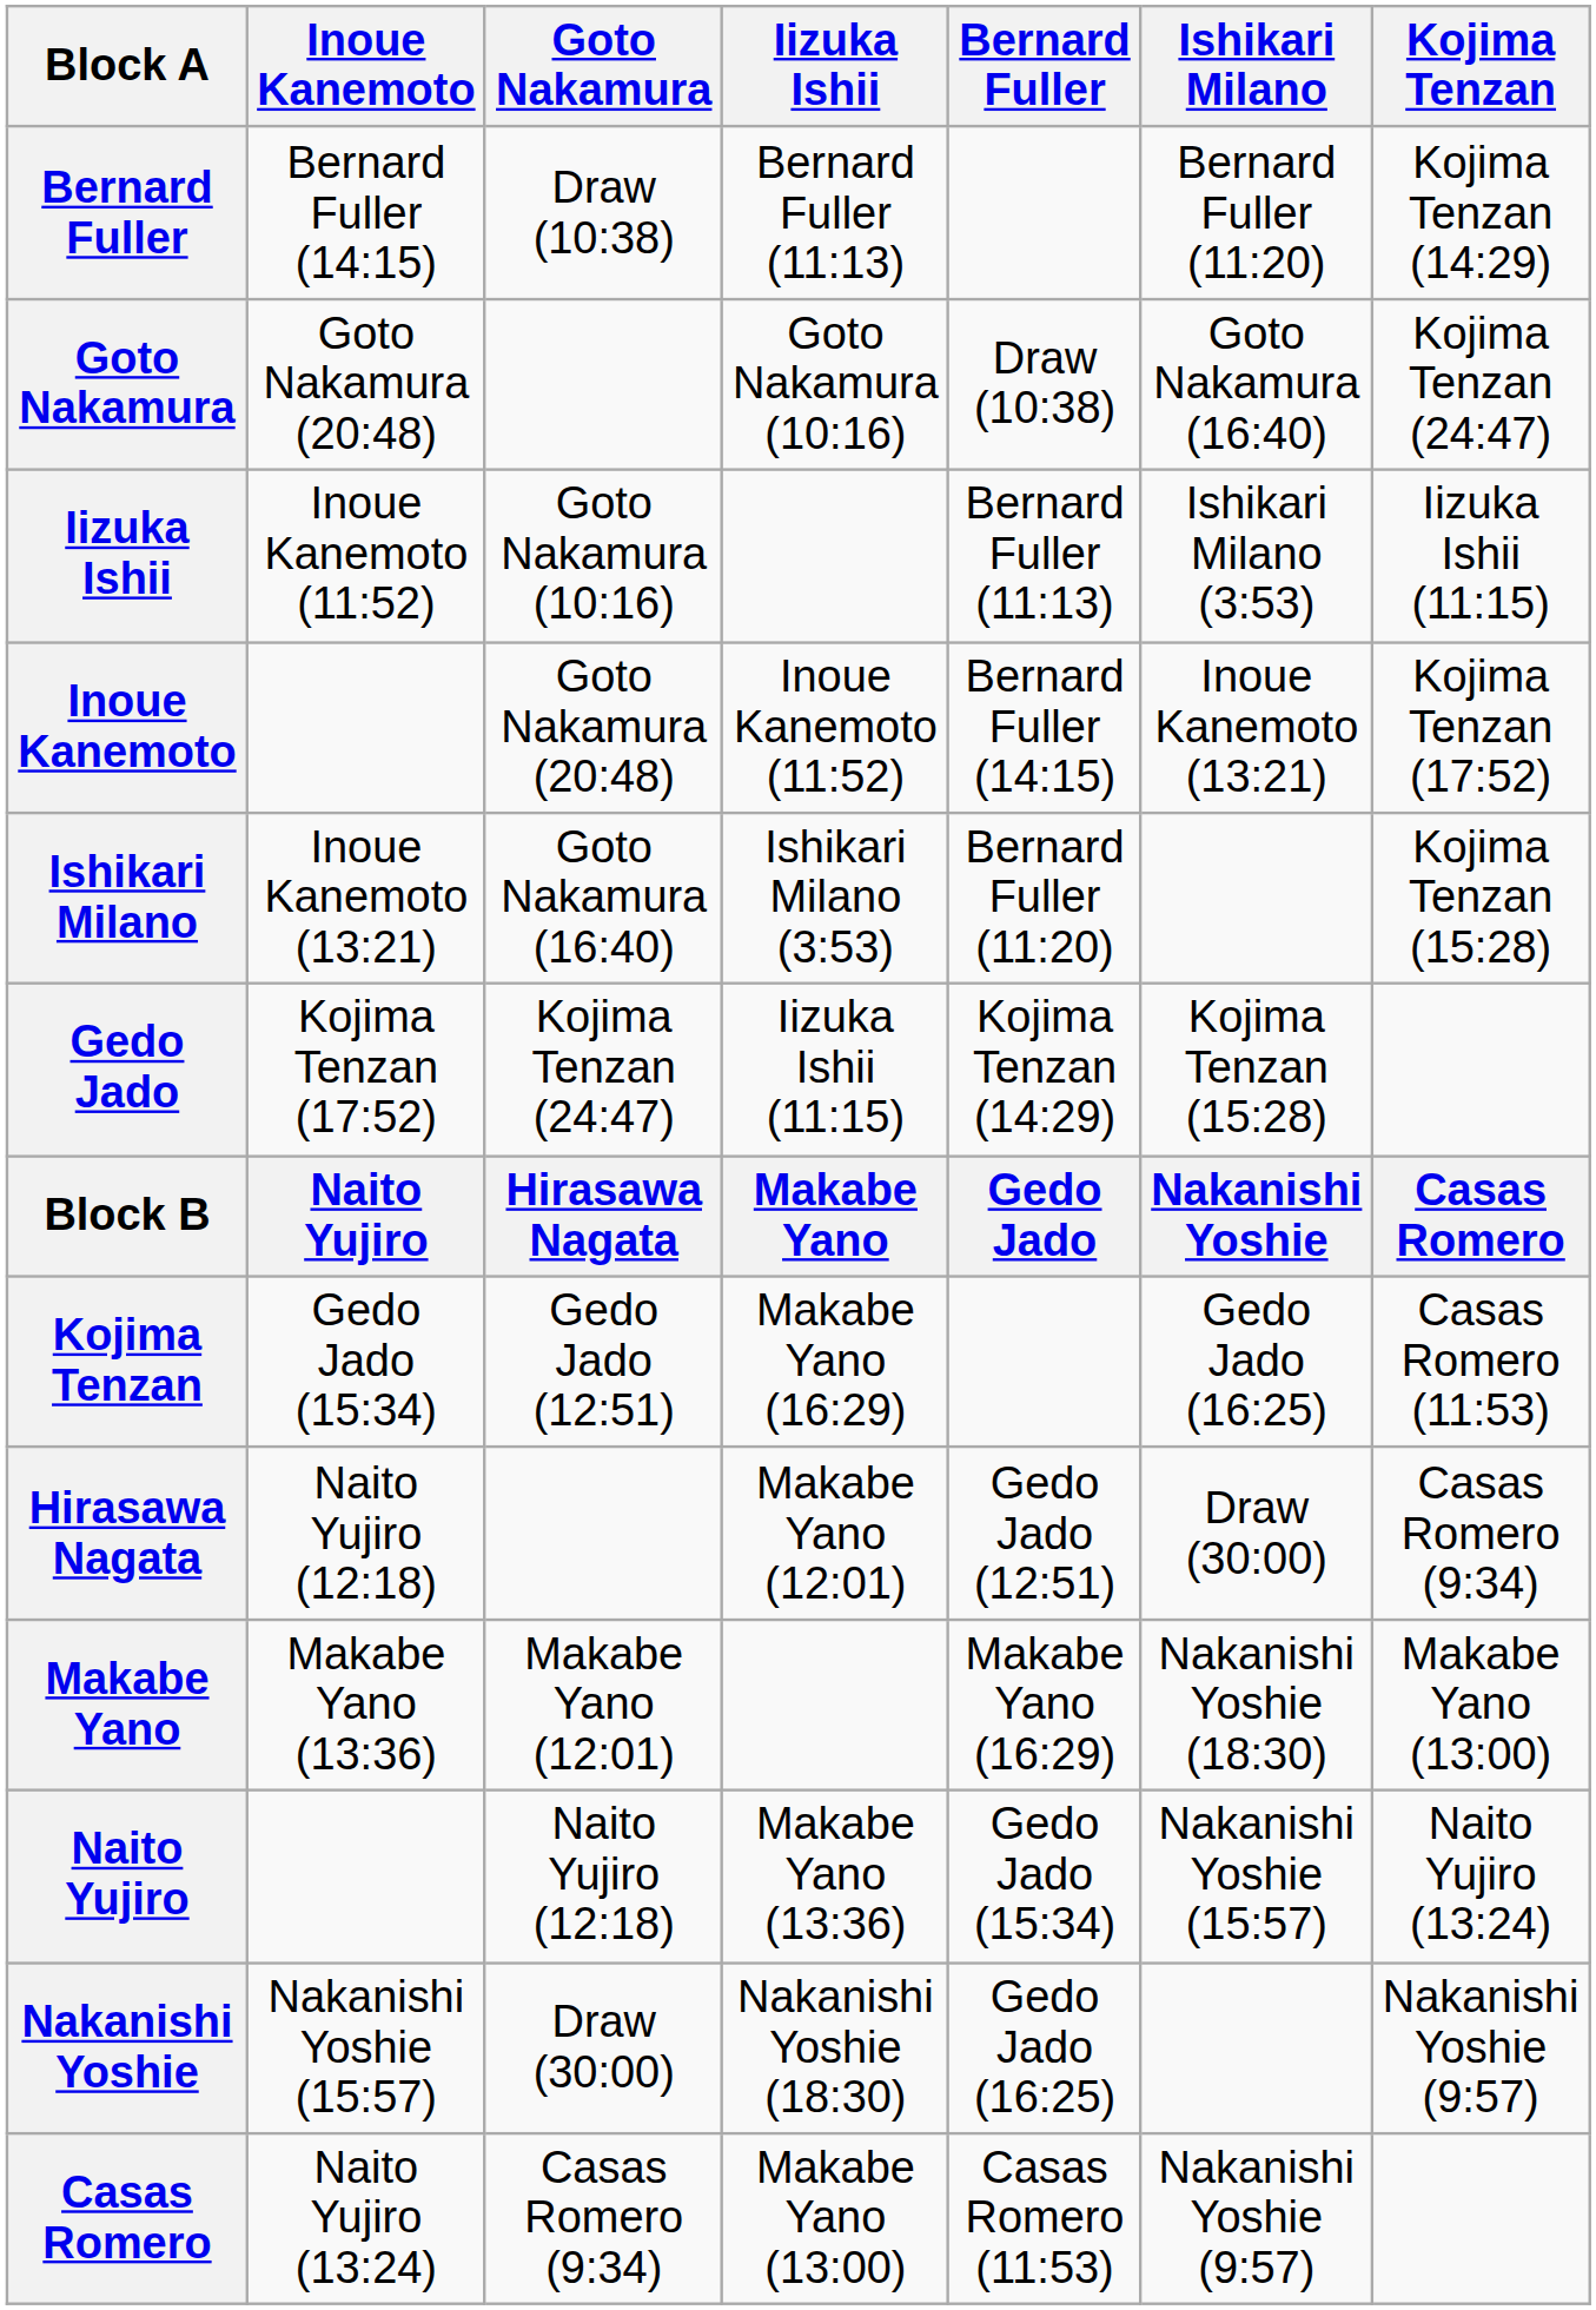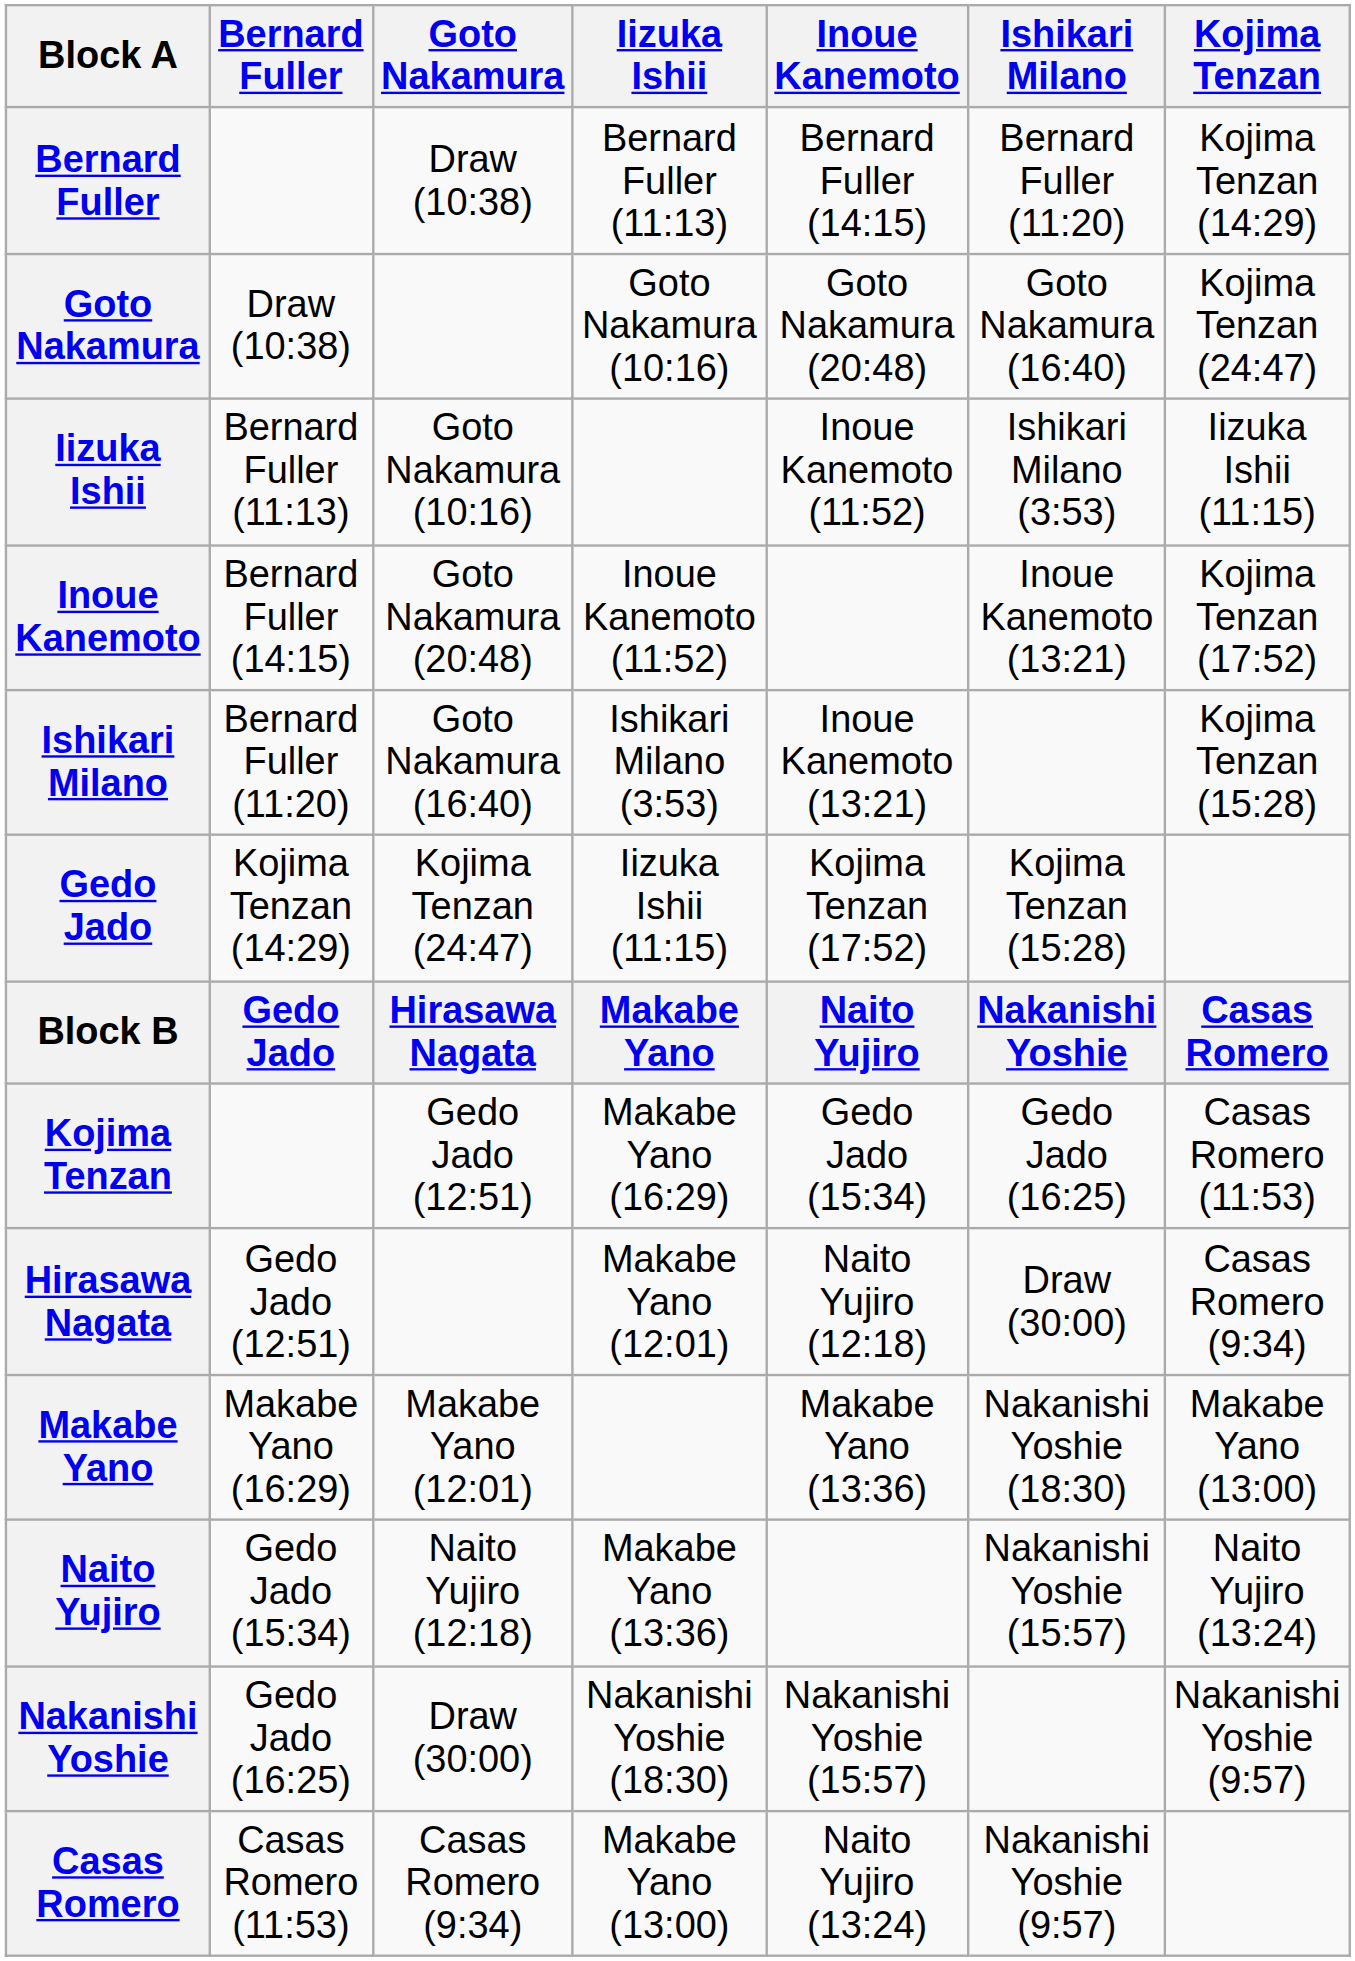 <table class="wikitable" style="text-align:center; margin: 1em auto 1em auto">
 <tr align="center">
 <th>Block A</th>
-<th><a href='#'>Inoue</a><br><a href='#'>Kanemoto</a></th>
+<th><a href='#'>Bernard</a><br><a href='#'>Fuller</a></th>
 <th><a href='#'>Goto</a><br><a href='#'>Nakamura</a></th>
 <th><a href='#'>Iizuka</a><br><a href='#'>Ishii</a></th>
-<th><a href='#'>Bernard</a><br><a href='#'>Fuller</a></th>
+<th><a href='#'>Inoue</a><br><a href='#'>Kanemoto</a></th>
 <th><a href='#'>Ishikari</a><br><a href='#'>Milano</a></th>
 <th><a href='#'>Kojima</a><br><a href='#'>Tenzan</a></th>
 </tr>
 <tr align="center">
 <th><a href='#'>Bernard</a><br><a href='#'>Fuller</a></th>
-<td>Bernard<br>Fuller<br>(14:15)</td>
+<td></td>
 <td>Draw<br>(10:38)</td>
 <td>Bernard<br>Fuller<br>(11:13)</td>
-<td></td>
+<td>Bernard<br>Fuller<br>(14:15)</td>
 <td>Bernard<br>Fuller<br>(11:20)</td>
 <td>Kojima<br>Tenzan<br>(14:29)</td>
 </tr>
 <tr align="center">
 <th><a href='#'>Goto</a><br><a href='#'>Nakamura</a></th>
-<td>Goto<br>Nakamura<br>(20:48)</td>
+<td>Draw<br>(10:38)</td>
 <td></td>
 <td>Goto<br>Nakamura<br>(10:16)</td>
-<td>Draw<br>(10:38)</td>
+<td>Goto<br>Nakamura<br>(20:48)</td>
 <td>Goto<br>Nakamura<br>(16:40)</td>
 <td>Kojima<br>Tenzan<br>(24:47)</td>
 </tr>
 <tr align="center">
 <th><a href='#'>Iizuka</a><br><a href='#'>Ishii</a></th>
-<td>Inoue<br>Kanemoto<br>(11:52)</td>
+<td>Bernard<br>Fuller<br>(11:13)</td>
 <td>Goto<br>Nakamura<br>(10:16)</td>
 <td></td>
-<td>Bernard<br>Fuller<br>(11:13)</td>
+<td>Inoue<br>Kanemoto<br>(11:52)</td>
 <td>Ishikari<br>Milano<br>(3:53)</td>
 <td>Iizuka<br>Ishii<br>(11:15)</td>
 </tr>
 <tr align="center">
 <th><a href='#'>Inoue</a><br><a href='#'>Kanemoto</a></th>
-<td></td>
+<td>Bernard<br>Fuller<br>(14:15)</td>
 <td>Goto<br>Nakamura<br>(20:48)</td>
 <td>Inoue<br>Kanemoto<br>(11:52)</td>
-<td>Bernard<br>Fuller<br>(14:15)</td>
+<td></td>
 <td>Inoue<br>Kanemoto<br>(13:21)</td>
 <td>Kojima<br>Tenzan<br>(17:52)</td>
 </tr>
 <tr align="center">
 <th><a href='#'>Ishikari</a><br><a href='#'>Milano</a></th>
-<td>Inoue<br>Kanemoto<br>(13:21)</td>
+<td>Bernard<br>Fuller<br>(11:20)</td>
 <td>Goto<br>Nakamura<br>(16:40)</td>
 <td>Ishikari<br>Milano<br>(3:53)</td>
-<td>Bernard<br>Fuller<br>(11:20)</td>
+<td>Inoue<br>Kanemoto<br>(13:21)</td>
 <td></td>
 <td>Kojima<br>Tenzan<br>(15:28)</td>
 </tr>
 <tr align="center">
 <th><a href='#'>Gedo</a><br><a href='#'>Jado</a></th>
-<td>Kojima<br>Tenzan<br>(17:52)</td>
+<td>Kojima<br>Tenzan<br>(14:29)</td>
 <td>Kojima<br>Tenzan<br>(24:47)</td>
 <td>Iizuka<br>Ishii<br>(11:15)</td>
-<td>Kojima<br>Tenzan<br>(14:29)</td>
+<td>Kojima<br>Tenzan<br>(17:52)</td>
 <td>Kojima<br>Tenzan<br>(15:28)</td>
 <td></td>
 </tr>
 <tr align="center">
 <th>Block B</th>
-<th><a href='#'>Naito</a><br><a href='#'>Yujiro</a></th>
+<th><a href='#'>Gedo</a><br><a href='#'>Jado</a></th>
 <th><a href='#'>Hirasawa</a><br><a href='#'>Nagata</a></th>
 <th><a href='#'>Makabe</a><br><a href='#'>Yano</a></th>
-<th><a href='#'>Gedo</a><br><a href='#'>Jado</a></th>
+<th><a href='#'>Naito</a><br><a href='#'>Yujiro</a></th>
 <th><a href='#'>Nakanishi</a><br><a href='#'>Yoshie</a></th>
 <th><a href='#'>Casas</a><br><a href='#'>Romero</a></th>
 </tr>
 <tr align="center">
 <th><a href='#'>Kojima</a><br><a href='#'>Tenzan</a></th>
-<td>Gedo<br>Jado<br>(15:34)</td>
+<td></td>
 <td>Gedo<br>Jado<br>(12:51)</td>
 <td>Makabe<br>Yano<br>(16:29)</td>
-<td></td>
+<td>Gedo<br>Jado<br>(15:34)</td>
 <td>Gedo<br>Jado<br>(16:25)</td>
 <td>Casas<br>Romero<br>(11:53)</td>
 </tr>
 <tr align="center">
 <th><a href='#'>Hirasawa</a><br><a href='#'>Nagata</a></th>
-<td>Naito<br>Yujiro<br>(12:18)</td>
+<td>Gedo<br>Jado<br>(12:51)</td>
 <td></td>
 <td>Makabe<br>Yano<br>(12:01)</td>
-<td>Gedo<br>Jado<br>(12:51)</td>
+<td>Naito<br>Yujiro<br>(12:18)</td>
 <td>Draw<br>(30:00)</td>
 <td>Casas<br>Romero<br>(9:34)</td>
 </tr>
 <tr align="center">
 <th><a href='#'>Makabe</a><br><a href='#'>Yano</a></th>
-<td>Makabe<br>Yano<br>(13:36)</td>
+<td>Makabe<br>Yano<br>(16:29)</td>
 <td>Makabe<br>Yano<br>(12:01)</td>
 <td></td>
-<td>Makabe<br>Yano<br>(16:29)</td>
+<td>Makabe<br>Yano<br>(13:36)</td>
 <td>Nakanishi<br>Yoshie<br>(18:30)</td>
 <td>Makabe<br>Yano<br>(13:00)</td>
 </tr>
 <tr align="center">
 <th><a href='#'>Naito</a><br><a href='#'>Yujiro</a></th>
-<td></td>
+<td>Gedo<br>Jado<br>(15:34)</td>
 <td>Naito<br>Yujiro<br>(12:18)</td>
 <td>Makabe<br>Yano<br>(13:36)</td>
-<td>Gedo<br>Jado<br>(15:34)</td>
+<td></td>
 <td>Nakanishi<br>Yoshie<br>(15:57)</td>
 <td>Naito<br>Yujiro<br>(13:24)</td>
 </tr>
 <tr align="center">
 <th><a href='#'>Nakanishi</a><br><a href='#'>Yoshie</a></th>
-<td>Nakanishi<br>Yoshie<br>(15:57)</td>
+<td>Gedo<br>Jado<br>(16:25)</td>
 <td>Draw<br>(30:00)</td>
 <td>Nakanishi<br>Yoshie<br>(18:30)</td>
-<td>Gedo<br>Jado<br>(16:25)</td>
+<td>Nakanishi<br>Yoshie<br>(15:57)</td>
 <td></td>
 <td>Nakanishi<br>Yoshie<br>(9:57)</td>
 </tr>
 <tr align="center">
 <th><a href='#'>Casas</a><br><a href='#'>Romero</a></th>
-<td>Naito<br>Yujiro<br>(13:24)</td>
+<td>Casas<br>Romero<br>(11:53)</td>
 <td>Casas<br>Romero<br>(9:34)</td>
 <td>Makabe<br>Yano<br>(13:00)</td>
-<td>Casas<br>Romero<br>(11:53)</td>
+<td>Naito<br>Yujiro<br>(13:24)</td>
 <td>Nakanishi<br>Yoshie<br>(9:57)</td>
 <td></td>
 </tr>
 </table>
